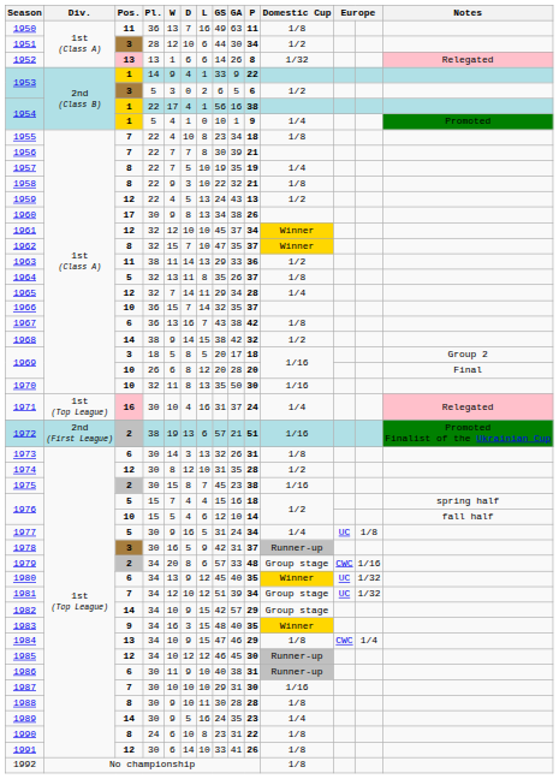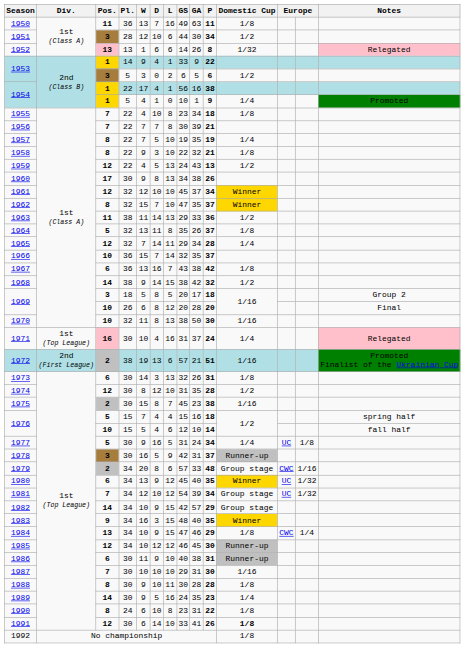 <table class="wikitable" style="text-align:center;">
 <tr style="background:#efefef;">
 <th>Season</th>
 <th>Div.</th>
 <th>Pos.</th>
 <th>Pl.</th>
 <th>W</th>
 <th>D</th>
 <th>L</th>
 <th>GS</th>
 <th>GA</th>
 <th>P</th>
 <th>Domestic Cup</th>
 <th colspan="2">Europe</th>
 <th>Notes</th>
 </tr>
 <tr>
 <td style="text-align:center;"><a href='#'>1950</a></td>
 <td style="text-align:center;" rowspan=3>1st<br><small><em>(Class A)</em></small></td>
 <td style="text-align:center;"><strong>11</strong></td>
 <td style="text-align:center;">36</td>
 <td style="text-align:center;">13</td>
 <td style="text-align:center;">7</td>
 <td style="text-align:center;">16</td>
 <td style="text-align:center;">49</td>
 <td style="text-align:center;">63</td>
 <td style="text-align:center;"><strong>11</strong></td>
 <td style="text-align:center;">1/8</td>
 <td style="text-align:center;"></td>
 <td style="text-align:center;"></td>
 <td style="text-align:center;"></td>
 </tr>
 <tr>
 <td style="text-align:center;"><a href='#'>1951</a></td>
 <td style="text-align:center; background:#a67d3d;"><strong>3</strong></td>
 <td style="text-align:center;">28</td>
 <td style="text-align:center;">12</td>
 <td style="text-align:center;">10</td>
 <td style="text-align:center;">6</td>
 <td style="text-align:center;">44</td>
 <td style="text-align:center;">30</td>
 <td style="text-align:center;"><strong>34</strong></td>
 <td style="text-align:center;">1/2</td>
 <td style="text-align:center;"></td>
 <td style="text-align:center;"></td>
 <td style="text-align:center;"></td>
 </tr>
 <tr>
 <td style="text-align:center;"><a href='#'>1952</a></td>
 <td style="text-align:center; background:pink;"><strong>13</strong></td>
 <td style="text-align:center;">13</td>
 <td style="text-align:center;">1</td>
 <td style="text-align:center;">6</td>
 <td style="text-align:center;">6</td>
 <td style="text-align:center;">14</td>
 <td style="text-align:center;">26</td>
 <td style="text-align:center;"><strong>8</strong></td>
 <td style="text-align:center;">1/32</td>
 <td style="text-align:center;"></td>
 <td style="text-align:center;"></td>
 <td style="text-align:center; background:pink;">Relegated</td>
 </tr>
 <tr bgcolor=PowderBlue>
 <td style="text-align:center;" rowspan=2><a href='#'>1953</a></td>
 <td style="text-align:center;" rowspan=4>2nd<br><small><em>(Class B)</em></small></td>
 <td style="text-align:center; background:gold;"><strong>1</strong></td>
 <td style="text-align:center;">14</td>
 <td style="text-align:center;">9</td>
 <td style="text-align:center;">4</td>
 <td style="text-align:center;">1</td>
 <td style="text-align:center;">33</td>
 <td style="text-align:center;">9</td>
 <td style="text-align:center;"><strong>22</strong></td>
 <td style="text-align:center;"></td>
 <td style="text-align:center;"></td>
 <td style="text-align:center;"></td>
 <td style="text-align:center;"></td>
 </tr>
 <tr style="text-align:center;">
 <td style="background:#a67d3d;"><strong>3</strong></td>
 <td>5</td>
 <td>3</td>
 <td>0</td>
 <td>2</td>
 <td>6</td>
 <td>5</td>
 <td><strong>6</strong></td>
 <td style="text-align:center;">1/2</td>
 <td style="text-align:center;"></td>
 <td style="text-align:center;"></td>
 <td style="text-align:center;"></td>
 </tr>
 <tr bgcolor=PowderBlue>
 <td style="text-align:center;" rowspan=2><a href='#'>1954</a></td>
 <td style="text-align:center; background:gold;"><strong>1</strong></td>
 <td style="text-align:center;">22</td>
 <td style="text-align:center;">17</td>
 <td style="text-align:center;">4</td>
 <td style="text-align:center;">1</td>
 <td style="text-align:center;">56</td>
 <td style="text-align:center;">16</td>
 <td style="text-align:center;"><strong>38</strong></td>
 <td style="text-align:center;"></td>
 <td style="text-align:center;"></td>
 <td style="text-align:center;"></td>
 <td style="text-align:center;"></td>
 </tr>
 <tr style="text-align:center;">
 <td style="background:gold;"><strong>1</strong></td>
 <td>5</td>
 <td>4</td>
 <td>1</td>
 <td>0</td>
 <td>10</td>
 <td>1</td>
 <td><strong>9</strong></td>
 <td>1/4</td>
 <td style="text-align:center;"></td>
 <td style="text-align:center;"></td>
 <td style="background:green;">Promoted</td>
 </tr>
 <tr>
 <td style="text-align:center;"><a href='#'>1955</a></td>
 <td style="text-align:center;" rowspan=17>1st<br><small><em>(Class A)</em></small></td>
 <td style="text-align:center;"><strong>7</strong></td>
 <td style="text-align:center;">22</td>
 <td style="text-align:center;">4</td>
 <td style="text-align:center;">10</td>
 <td style="text-align:center;">8</td>
 <td style="text-align:center;">23</td>
 <td style="text-align:center;">34</td>
 <td style="text-align:center;"><strong>18</strong></td>
 <td style="text-align:center;">1/8</td>
 <td style="text-align:center;"></td>
 <td style="text-align:center;"></td>
 <td style="text-align:center;"></td>
 </tr>
 <tr>
 <td style="text-align:center;"><a href='#'>1956</a></td>
 <td style="text-align:center;"><strong>7</strong></td>
 <td style="text-align:center;">22</td>
 <td style="text-align:center;">7</td>
 <td style="text-align:center;">7</td>
 <td style="text-align:center;">8</td>
 <td style="text-align:center;">30</td>
 <td style="text-align:center;">39</td>
 <td style="text-align:center;"><strong>21</strong></td>
 <td style="text-align:center;"></td>
 <td style="text-align:center;"></td>
 <td style="text-align:center;"></td>
 <td style="text-align:center;"></td>
 </tr>
 <tr>
 <td style="text-align:center;"><a href='#'>1957</a></td>
 <td style="text-align:center;"><strong>8</strong></td>
 <td style="text-align:center;">22</td>
 <td style="text-align:center;">7</td>
 <td style="text-align:center;">5</td>
 <td style="text-align:center;">10</td>
 <td style="text-align:center;">19</td>
 <td style="text-align:center;">35</td>
 <td style="text-align:center;"><strong>19</strong></td>
 <td style="text-align:center;">1/4</td>
 <td style="text-align:center;"></td>
 <td style="text-align:center;"></td>
 <td style="text-align:center;"></td>
 </tr>
 <tr>
 <td style="text-align:center;"><a href='#'>1958</a></td>
 <td style="text-align:center;"><strong>8</strong></td>
 <td style="text-align:center;">22</td>
 <td style="text-align:center;">9</td>
 <td style="text-align:center;">3</td>
 <td style="text-align:center;">10</td>
 <td style="text-align:center;">22</td>
 <td style="text-align:center;">32</td>
 <td style="text-align:center;"><strong>21</strong></td>
 <td style="text-align:center;">1/8</td>
 <td style="text-align:center;"></td>
 <td style="text-align:center;"></td>
 <td style="text-align:center;"></td>
 </tr>
 <tr>
 <td style="text-align:center;"><a href='#'>1959</a></td>
 <td style="text-align:center;"><strong>12</strong></td>
 <td style="text-align:center;">22</td>
 <td style="text-align:center;">4</td>
 <td style="text-align:center;">5</td>
 <td style="text-align:center;">13</td>
 <td style="text-align:center;">24</td>
 <td style="text-align:center;">43</td>
 <td style="text-align:center;"><strong>13</strong></td>
 <td style="text-align:center;">1/2</td>
 <td style="text-align:center;"></td>
 <td style="text-align:center;"></td>
 <td style="text-align:center;"></td>
 </tr>
 <tr>
 <td style="text-align:center;"><a href='#'>1960</a></td>
 <td style="text-align:center;"><strong>17</strong></td>
 <td style="text-align:center;">30</td>
 <td style="text-align:center;">9</td>
 <td style="text-align:center;">8</td>
 <td style="text-align:center;">13</td>
 <td style="text-align:center;">34</td>
 <td style="text-align:center;">38</td>
 <td style="text-align:center;"><strong>26</strong></td>
 <td style="text-align:center;"></td>
 <td style="text-align:center;"></td>
 <td style="text-align:center;"></td>
 </tr>
 <tr>
 <td style="text-align:center;"><a href='#'>1961</a></td>
 <td style="text-align:center;"><strong>12</strong></td>
 <td style="text-align:center;">32</td>
 <td style="text-align:center;">12</td>
 <td style="text-align:center;">10</td>
 <td style="text-align:center;">10</td>
 <td style="text-align:center;">45</td>
 <td style="text-align:center;">37</td>
 <td style="text-align:center;"><strong>34</strong></td>
 <td style="text-align:center; background:gold;">Winner</td>
 <td style="text-align:center;"></td>
 <td style="text-align:center;"></td>
 <td style="text-align:center;"></td>
 </tr>
 <tr>
 <td style="text-align:center;"><a href='#'>1962</a></td>
 <td style="text-align:center;"><strong>8</strong></td>
 <td style="text-align:center;">32</td>
 <td style="text-align:center;">15</td>
 <td style="text-align:center;">7</td>
 <td style="text-align:center;">10</td>
 <td style="text-align:center;">47</td>
 <td style="text-align:center;">35</td>
 <td style="text-align:center;"><strong>37</strong></td>
 <td style="text-align:center; background:gold;">Winner</td>
 <td style="text-align:center;"></td>
 <td style="text-align:center;"></td>
 <td style="text-align:center;"></td>
 </tr>
 <tr>
 <td style="text-align:center;"><a href='#'>1963</a></td>
 <td style="text-align:center;"><strong>11</strong></td>
 <td style="text-align:center;">38</td>
 <td style="text-align:center;">11</td>
 <td style="text-align:center;">14</td>
 <td style="text-align:center;">13</td>
 <td style="text-align:center;">29</td>
 <td style="text-align:center;">33</td>
 <td style="text-align:center;"><strong>36</strong></td>
 <td style="text-align:center;">1/2</td>
 <td style="text-align:center;"></td>
 <td style="text-align:center;"></td>
 <td style="text-align:center;"></td>
 </tr>
 <tr>
 <td style="text-align:center;"><a href='#'>1964</a></td>
 <td style="text-align:center;"><strong>5</strong></td>
 <td style="text-align:center;">32</td>
 <td style="text-align:center;">13</td>
 <td style="text-align:center;">11</td>
 <td style="text-align:center;">8</td>
 <td style="text-align:center;">35</td>
 <td style="text-align:center;">26</td>
 <td style="text-align:center;"><strong>37</strong></td>
 <td style="text-align:center;">1/8</td>
 <td style="text-align:center;"></td>
 <td style="text-align:center;"></td>
 <td style="text-align:center;"></td>
 </tr>
 <tr>
 <td style="text-align:center;"><a href='#'>1965</a></td>
 <td style="text-align:center;"><strong>12</strong></td>
 <td style="text-align:center;">32</td>
 <td style="text-align:center;">7</td>
 <td style="text-align:center;">14</td>
 <td style="text-align:center;">11</td>
 <td style="text-align:center;">29</td>
 <td style="text-align:center;">34</td>
 <td style="text-align:center;"><strong>28</strong></td>
 <td style="text-align:center;">1/4</td>
 <td style="text-align:center;"></td>
 <td style="text-align:center;"></td>
 <td style="text-align:center;"></td>
 </tr>
 <tr>
 <td style="text-align:center;"><a href='#'>1966</a></td>
 <td style="text-align:center;"><strong>10</strong></td>
 <td style="text-align:center;">36</td>
 <td style="text-align:center;">15</td>
 <td style="text-align:center;">7</td>
 <td style="text-align:center;">14</td>
 <td style="text-align:center;">32</td>
 <td style="text-align:center;">35</td>
 <td style="text-align:center;"><strong>37</strong></td>
 <td style="text-align:center;"></td>
 <td style="text-align:center;"></td>
 <td style="text-align:center;"></td>
 <td style="text-align:center;"></td>
 </tr>
 <tr>
 <td style="text-align:center;"><a href='#'>1967</a></td>
 <td style="text-align:center;"><strong>6</strong></td>
 <td style="text-align:center;">36</td>
 <td style="text-align:center;">13</td>
 <td style="text-align:center;">16</td>
 <td style="text-align:center;">7</td>
 <td style="text-align:center;">43</td>
 <td style="text-align:center;">38</td>
 <td style="text-align:center;"><strong>42</strong></td>
 <td style="text-align:center;">1/8</td>
 <td style="text-align:center;"></td>
 <td style="text-align:center;"></td>
 <td style="text-align:center;"></td>
 </tr>
 <tr>
 <td style="text-align:center;"><a href='#'>1968</a></td>
 <td style="text-align:center;"><strong>14</strong></td>
 <td style="text-align:center;">38</td>
 <td style="text-align:center;">9</td>
 <td style="text-align:center;">14</td>
 <td style="text-align:center;">15</td>
 <td style="text-align:center;">38</td>
 <td style="text-align:center;">42</td>
 <td style="text-align:center;"><strong>32</strong></td>
 <td style="text-align:center;">1/2</td>
 <td style="text-align:center;"></td>
 <td style="text-align:center;"></td>
 <td style="text-align:center;"></td>
 </tr>
 <tr>
 <td style="text-align:center;" rowspan="2"><a href='#'>1969</a></td>
 <td style="text-align:center;background:%23a67d3d;"><strong>3</strong></td>
 <td style="text-align:center;">18</td>
 <td style="text-align:center;">5</td>
 <td style="text-align:center;">8</td>
 <td style="text-align:center;">5</td>
 <td style="text-align:center;">20</td>
 <td style="text-align:center;">17</td>
 <td style="text-align:center;"><strong>18</strong></td>
 <td style="text-align:center;" rowspan="2">1/16</td>
 <td style="text-align:center;"></td>
 <td style="text-align:center;"></td>
 <td style="text-align:center;">Group 2</td>
 </tr>
 <tr style="text-align:center;">
 <td><strong>10</strong></td>
 <td>26</td>
 <td>6</td>
 <td>8</td>
 <td>12</td>
 <td>20</td>
 <td>28</td>
 <td><strong>20</strong></td>
 <td style="text-align:center;"></td>
 <td style="text-align:center;"></td>
 <td>Final</td>
 </tr>
 <tr>
 <td style="text-align:center;"><a href='#'>1970</a></td>
 <td style="text-align:center;"><strong>10</strong></td>
 <td style="text-align:center;">32</td>
 <td style="text-align:center;">11</td>
 <td style="text-align:center;">8</td>
 <td style="text-align:center;">13</td>
-<td style="text-align:center;">35</td>
+<td style="text-align:center;">38</td>
 <td style="text-align:center;">50</td>
 <td style="text-align:center;"><strong>30</strong></td>
 <td style="text-align:center;">1/16</td>
 <td style="text-align:center;"></td>
 <td style="text-align:center;"></td>
 <td style="text-align:center;"></td>
 </tr>
 <tr>
 <td style="text-align:center;"><a href='#'>1971</a></td>
 <td style="text-align:center;">1st<br><small><em>(Top League)</em></small></td>
 <td style="text-align:center; background:pink;"><strong>16</strong></td>
 <td style="text-align:center;">30</td>
 <td style="text-align:center;">10</td>
 <td style="text-align:center;">4</td>
 <td style="text-align:center;">16</td>
 <td style="text-align:center;">31</td>
 <td style="text-align:center;">37</td>
 <td style="text-align:center;"><strong>24</strong></td>
 <td style="text-align:center;">1/4</td>
 <td style="text-align:center;"></td>
 <td style="text-align:center;"></td>
 <td style="text-align:center; background:pink;">Relegated</td>
 </tr>
 <tr bgcolor=PowderBlue>
 <td style="text-align:center;"><a href='#'>1972</a></td>
 <td style="text-align:center;">2nd<br><small><em>(First League)</em></small></td>
 <td style="text-align:center; background:silver;"><strong>2</strong></td>
 <td style="text-align:center;">38</td>
 <td style="text-align:center;">19</td>
 <td style="text-align:center;">13</td>
 <td style="text-align:center;">6</td>
 <td style="text-align:center;">57</td>
 <td style="text-align:center;">21</td>
 <td style="text-align:center;"><strong>51</strong></td>
 <td style="text-align:center;">1/16</td>
 <td style="text-align:center;"></td>
 <td style="text-align:center;"></td>
 <td style="text-align:center; background:green;">Promoted<br>Finalist of the <a href='#'>Ukrainian Cup</a></td>
 </tr>
 <tr>
 <td style="text-align:center;"><a href='#'>1973</a></td>
 <td style="text-align:center;" rowspan=20>1st<br><small><em>(Top League)</em></small></td>
 <td style="text-align:center;"><strong>6</strong></td>
 <td style="text-align:center;">30</td>
 <td style="text-align:center;">14</td>
 <td style="text-align:center;">3</td>
 <td style="text-align:center;">13</td>
 <td style="text-align:center;">32</td>
 <td style="text-align:center;">26</td>
 <td style="text-align:center;"><strong>31</strong></td>
 <td style="text-align:center;">1/8</td>
 <td style="text-align:center;"></td>
 <td style="text-align:center;"></td>
 <td style="text-align:center;"></td>
 </tr>
 <tr>
 <td style="text-align:center;"><a href='#'>1974</a></td>
 <td style="text-align:center;"><strong>12</strong></td>
 <td style="text-align:center;">30</td>
 <td style="text-align:center;">8</td>
 <td style="text-align:center;">12</td>
 <td style="text-align:center;">10</td>
 <td style="text-align:center;">31</td>
 <td style="text-align:center;">35</td>
 <td style="text-align:center;"><strong>28</strong></td>
 <td style="text-align:center;">1/2</td>
 <td style="text-align:center;"></td>
 <td style="text-align:center;"></td>
 <td style="text-align:center;"></td>
 </tr>
 <tr>
 <td style="text-align:center;"><a href='#'>1975</a></td>
 <td style="text-align:center; background:silver;"><strong>2</strong></td>
 <td style="text-align:center;">30</td>
 <td style="text-align:center;">15</td>
 <td style="text-align:center;">8</td>
 <td style="text-align:center;">7</td>
 <td style="text-align:center;">45</td>
 <td style="text-align:center;">23</td>
 <td style="text-align:center;"><strong>38</strong></td>
 <td style="text-align:center;">1/16</td>
 <td style="text-align:center;"></td>
 <td style="text-align:center;"></td>
 <td style="text-align:center;"></td>
 </tr>
 <tr>
 <td style="text-align:center;" rowspan="2"><a href='#'>1976</a></td>
 <td style="text-align:center;"><strong>5</strong></td>
 <td style="text-align:center;">15</td>
 <td style="text-align:center;">7</td>
 <td style="text-align:center;">4</td>
 <td style="text-align:center;">4</td>
 <td style="text-align:center;">15</td>
 <td style="text-align:center;">16</td>
 <td style="text-align:center;"><strong>18</strong></td>
 <td style="text-align:center;" rowspan="2">1/2</td>
 <td style="text-align:center;"></td>
 <td style="text-align:center;"></td>
 <td style="text-align:center;">spring half</td>
 </tr>
 <tr style="text-align:center;">
 <td><strong>10</strong></td>
 <td>15</td>
 <td>5</td>
 <td>4</td>
 <td>6</td>
 <td>12</td>
 <td>10</td>
 <td><strong>14</strong></td>
 <td style="text-align:center;"></td>
 <td style="text-align:center;"></td>
 <td>fall half</td>
 </tr>
 <tr>
 <td style="text-align:center;"><a href='#'>1977</a></td>
 <td style="text-align:center;"><strong>5</strong></td>
 <td style="text-align:center;">30</td>
 <td style="text-align:center;">9</td>
 <td style="text-align:center;">16</td>
 <td style="text-align:center;">5</td>
 <td style="text-align:center;">31</td>
 <td style="text-align:center;">24</td>
 <td style="text-align:center;"><strong>34</strong></td>
 <td style="text-align:center;">1/4</td>
 <td style="text-align:center;"><a href='#'>UC</a></td>
 <td style="text-align:center;">1/8</td>
 <td style="text-align:center;"></td>
 </tr>
 <tr>
 <td style="text-align:center;"><a href='#'>1978</a></td>
 <td style="text-align:center; background:#a67d3d;"><strong>3</strong></td>
 <td style="text-align:center;">30</td>
 <td style="text-align:center;">16</td>
 <td style="text-align:center;">5</td>
 <td style="text-align:center;">9</td>
 <td style="text-align:center;">42</td>
 <td style="text-align:center;">31</td>
 <td style="text-align:center;"><strong>37</strong></td>
 <td style="text-align:center; background:silver;">Runner-up</td>
 <td style="text-align:center;"></td>
 <td style="text-align:center;"></td>
 <td style="text-align:center;"></td>
 </tr>
 <tr>
 <td style="text-align:center;"><a href='#'>1979</a></td>
 <td style="text-align:center; background:silver;"><strong>2</strong></td>
 <td style="text-align:center;">34</td>
 <td style="text-align:center;">20</td>
 <td style="text-align:center;">8</td>
 <td style="text-align:center;">6</td>
 <td style="text-align:center;">57</td>
 <td style="text-align:center;">33</td>
 <td style="text-align:center;"><strong>48</strong></td>
 <td style="text-align:center;">Group stage</td>
 <td style="text-align:center;"><a href='#'>CWC</a></td>
 <td style="text-align:center;">1/16</td>
 <td style="text-align:center;"></td>
 </tr>
 <tr>
 <td style="text-align:center;"><a href='#'>1980</a></td>
 <td style="text-align:center;"><strong>6</strong></td>
 <td style="text-align:center;">34</td>
 <td style="text-align:center;">13</td>
 <td style="text-align:center;">9</td>
 <td style="text-align:center;">12</td>
 <td style="text-align:center;">45</td>
 <td style="text-align:center;">40</td>
 <td style="text-align:center;"><strong>35</strong></td>
 <td style="text-align:center; background:gold;">Winner</td>
 <td style="text-align:center;"><a href='#'>UC</a></td>
 <td style="text-align:center;">1/32</td>
 <td style="text-align:center;"></td>
 </tr>
 <tr>
 <td style="text-align:center;"><a href='#'>1981</a></td>
 <td style="text-align:center;"><strong>7</strong></td>
 <td style="text-align:center;">34</td>
 <td style="text-align:center;">12</td>
 <td style="text-align:center;">10</td>
 <td style="text-align:center;">12</td>
-<td style="text-align:center;">51</td>
+<td style="text-align:center;">54</td>
 <td style="text-align:center;">39</td>
 <td style="text-align:center;"><strong>34</strong></td>
 <td style="text-align:center;">Group stage</td>
 <td style="text-align:center;"><a href='#'>UC</a></td>
 <td style="text-align:center;">1/32</td>
 <td style="text-align:center;"></td>
 </tr>
 <tr>
 <td style="text-align:center;"><a href='#'>1982</a></td>
 <td style="text-align:center;"><strong>14</strong></td>
 <td style="text-align:center;">34</td>
 <td style="text-align:center;">10</td>
 <td style="text-align:center;">9</td>
 <td style="text-align:center;">15</td>
 <td style="text-align:center;">42</td>
 <td style="text-align:center;">57</td>
 <td style="text-align:center;"><strong>29</strong></td>
 <td style="text-align:center;">Group stage</td>
 <td style="text-align:center;"></td>
 <td style="text-align:center;"></td>
 <td style="text-align:center;"></td>
 </tr>
 <tr>
 <td style="text-align:center;"><a href='#'>1983</a></td>
 <td style="text-align:center;"><strong>9</strong></td>
 <td style="text-align:center;">34</td>
 <td style="text-align:center;">16</td>
 <td style="text-align:center;">3</td>
 <td style="text-align:center;">15</td>
 <td style="text-align:center;">48</td>
 <td style="text-align:center;">40</td>
 <td style="text-align:center;"><strong>35</strong></td>
 <td style="text-align:center; background:gold;">Winner</td>
 <td style="text-align:center;"></td>
 <td style="text-align:center;"></td>
 <td style="text-align:center;"></td>
 </tr>
 <tr>
 <td style="text-align:center;"><a href='#'>1984</a></td>
 <td style="text-align:center;"><strong>13</strong></td>
 <td style="text-align:center;">34</td>
 <td style="text-align:center;">10</td>
 <td style="text-align:center;">9</td>
 <td style="text-align:center;">15</td>
 <td style="text-align:center;">47</td>
 <td style="text-align:center;">46</td>
 <td style="text-align:center;"><strong>29</strong></td>
 <td style="text-align:center;">1/8</td>
 <td style="text-align:center;"><a href='#'>CWC</a></td>
 <td style="text-align:center;">1/4</td>
 <td style="text-align:center;"></td>
 </tr>
 <tr>
 <td style="text-align:center;"><a href='#'>1985</a></td>
 <td style="text-align:center;"><strong>12</strong></td>
 <td style="text-align:center;">34</td>
 <td style="text-align:center;">10</td>
 <td style="text-align:center;">12</td>
 <td style="text-align:center;">12</td>
 <td style="text-align:center;">46</td>
 <td style="text-align:center;">45</td>
 <td style="text-align:center;"><strong>30</strong></td>
 <td style="text-align:center; background:silver;">Runner-up</td>
 <td style="text-align:center;"></td>
 <td style="text-align:center;"></td>
 <td style="text-align:center;"></td>
 </tr>
 <tr>
 <td style="text-align:center;"><a href='#'>1986</a></td>
 <td style="text-align:center;"><strong>6</strong></td>
 <td style="text-align:center;">30</td>
 <td style="text-align:center;">11</td>
 <td style="text-align:center;">9</td>
 <td style="text-align:center;">10</td>
 <td style="text-align:center;">40</td>
 <td style="text-align:center;">38</td>
 <td style="text-align:center;"><strong>31</strong></td>
 <td style="text-align:center; background:silver;">Runner-up</td>
 <td style="text-align:center;"></td>
 <td style="text-align:center;"></td>
 <td style="text-align:center;"></td>
 </tr>
 <tr>
 <td style="text-align:center;"><a href='#'>1987</a></td>
 <td style="text-align:center;"><strong>7</strong></td>
 <td style="text-align:center;">30</td>
 <td style="text-align:center;">10</td>
 <td style="text-align:center;">10</td>
 <td style="text-align:center;">10</td>
 <td style="text-align:center;">29</td>
 <td style="text-align:center;">31</td>
 <td style="text-align:center;"><strong>30</strong></td>
 <td style="text-align:center;">1/16</td>
 <td style="text-align:center;"></td>
 <td style="text-align:center;"></td>
 <td style="text-align:center;"></td>
 </tr>
 <tr>
 <td style="text-align:center;"><a href='#'>1988</a></td>
 <td style="text-align:center;"><strong>8</strong></td>
 <td style="text-align:center;">30</td>
 <td style="text-align:center;">9</td>
 <td style="text-align:center;">10</td>
 <td style="text-align:center;">11</td>
 <td style="text-align:center;">30</td>
 <td style="text-align:center;">28</td>
 <td style="text-align:center;"><strong>28</strong></td>
 <td style="text-align:center;">1/8</td>
 <td style="text-align:center;"></td>
 <td style="text-align:center;"></td>
 <td style="text-align:center;"></td>
 </tr>
 <tr>
 <td style="text-align:center;"><a href='#'>1989</a></td>
 <td style="text-align:center;"><strong>14</strong></td>
 <td style="text-align:center;">30</td>
 <td style="text-align:center;">9</td>
 <td style="text-align:center;">5</td>
 <td style="text-align:center;">16</td>
 <td style="text-align:center;">24</td>
 <td style="text-align:center;">35</td>
 <td style="text-align:center;"><strong>23</strong></td>
 <td style="text-align:center;">1/4</td>
 <td style="text-align:center;"></td>
 <td style="text-align:center;"></td>
 <td style="text-align:center;"></td>
 </tr>
 <tr>
 <td style="text-align:center;"><a href='#'>1990</a></td>
 <td style="text-align:center;"><strong>8</strong></td>
 <td style="text-align:center;">24</td>
 <td style="text-align:center;">6</td>
 <td style="text-align:center;">10</td>
 <td style="text-align:center;">8</td>
 <td style="text-align:center;">23</td>
 <td style="text-align:center;">31</td>
 <td style="text-align:center;"><strong>22</strong></td>
 <td style="text-align:center;">1/8</td>
 <td style="text-align:center;"></td>
 <td style="text-align:center;"></td>
 <td style="text-align:center;"></td>
 </tr>
 <tr>
 <td style="text-align:center;"><a href='#'>1991</a></td>
 <td style="text-align:center;"><strong>12</strong></td>
 <td style="text-align:center;">30</td>
 <td style="text-align:center;">6</td>
 <td style="text-align:center;">14</td>
 <td style="text-align:center;">10</td>
 <td style="text-align:center;">33</td>
 <td style="text-align:center;">41</td>
 <td style="text-align:center;"><strong>26</strong></td>
-<td style="text-align:center;">1/8</td>
+<td style="text-align:center;"><strong>1/8</strong></td>
 <td style="text-align:center;"></td>
 <td style="text-align:center;"></td>
 <td style="text-align:center;"></td>
 </tr>
 <tr style="text-align:center;">
 <td>1992</td>
 <td colspan="9">No championship</td>
 <td>1/8</td>
 <td style="text-align:center;"></td>
 <td style="text-align:center;"></td>
 <td style="text-align:center;"></td>
 </tr>
 </table>
